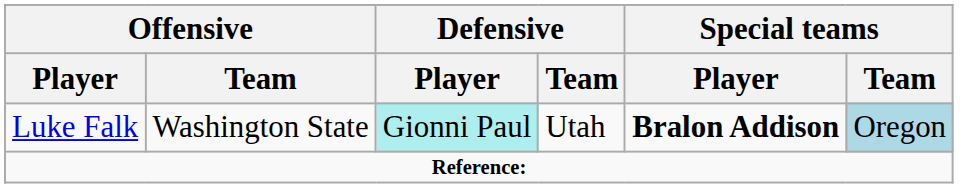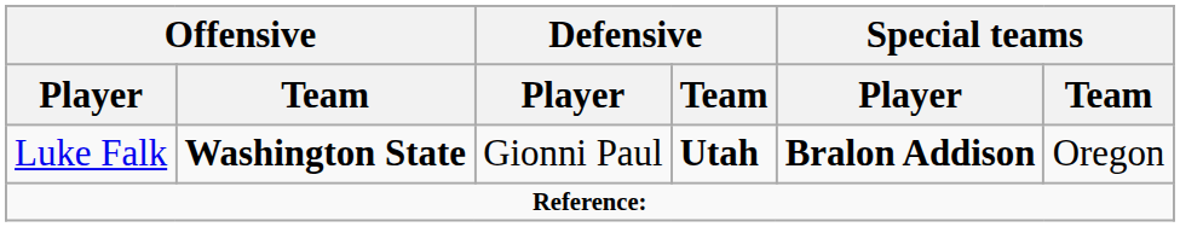 <table class="wikitable">
 <tr>
 <th colspan="2">Offensive</th>
 <th colspan="2">Defensive</th>
 <th colspan="2">Special teams</th>
 </tr>
 <tr>
 <th>Player</th>
 <th>Team</th>
 <th>Player</th>
 <th>Team</th>
 <th>Player</th>
 <th>Team</th>
 </tr>
 <tr>
 <td><a href='#'>Luke Falk</a></td>
-<td>Washington State</td>
-<td style="background: paleturquoise;">Gionni Paul</td>
-<td>Utah</td>
+<td><strong>Washington State</strong></td>
+<td>Gionni Paul</td>
+<td><strong>Utah</strong></td>
 <td><strong>Bralon Addison</strong></td>
-<td style="background: lightblue;">Oregon</td>
+<td>Oregon</td>
 </tr>
 <tr>
 <td colspan="12"  style="font-size:8pt; text-align:center;"><strong>Reference:</strong></td>
 </tr>
 </table>
